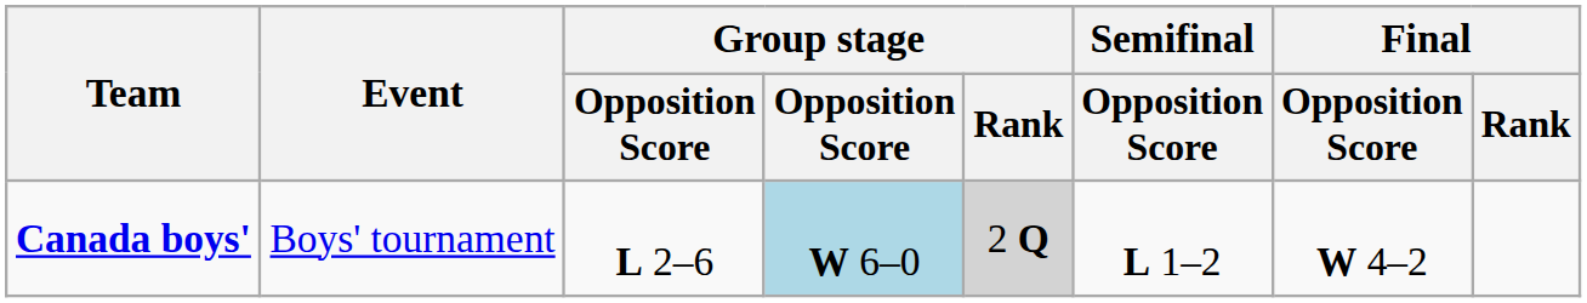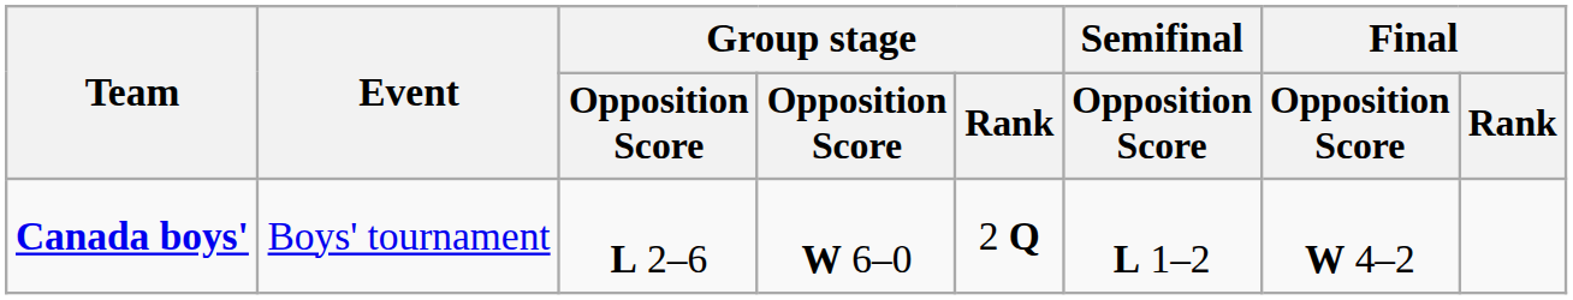 <table class="wikitable" style="font-size:90%">
 <tr>
 <th rowspan=2>Team</th>
 <th rowspan=2>Event</th>
 <th colspan=3>Group stage</th>
 <th>Semifinal</th>
 <th colspan=2>Final</th>
 </tr>
 <tr style="font-size:95%">
 <th>Opposition<br>Score</th>
 <th>Opposition<br>Score</th>
 <th>Rank</th>
 <th>Opposition<br>Score</th>
 <th>Opposition<br>Score</th>
 <th>Rank</th>
 </tr>
 <tr align=center>
 <td align=left><strong><a href='#'>Canada boys'</a></strong></td>
 <td align=left><a href='#'>Boys' tournament</a></td>
 <td><br><strong>L</strong> 2–6</td>
-<td style="background: lightblue;"><br><strong>W</strong> 6–0</td>
-<td style="background: lightgrey;">2 <strong>Q</strong></td>
+<td><br><strong>W</strong> 6–0</td>
+<td>2 <strong>Q</strong></td>
 <td><br><strong>L</strong> 1–2</td>
 <td><br><strong>W</strong> 4–2</td>
 <td></td>
 </tr>
 </table>
